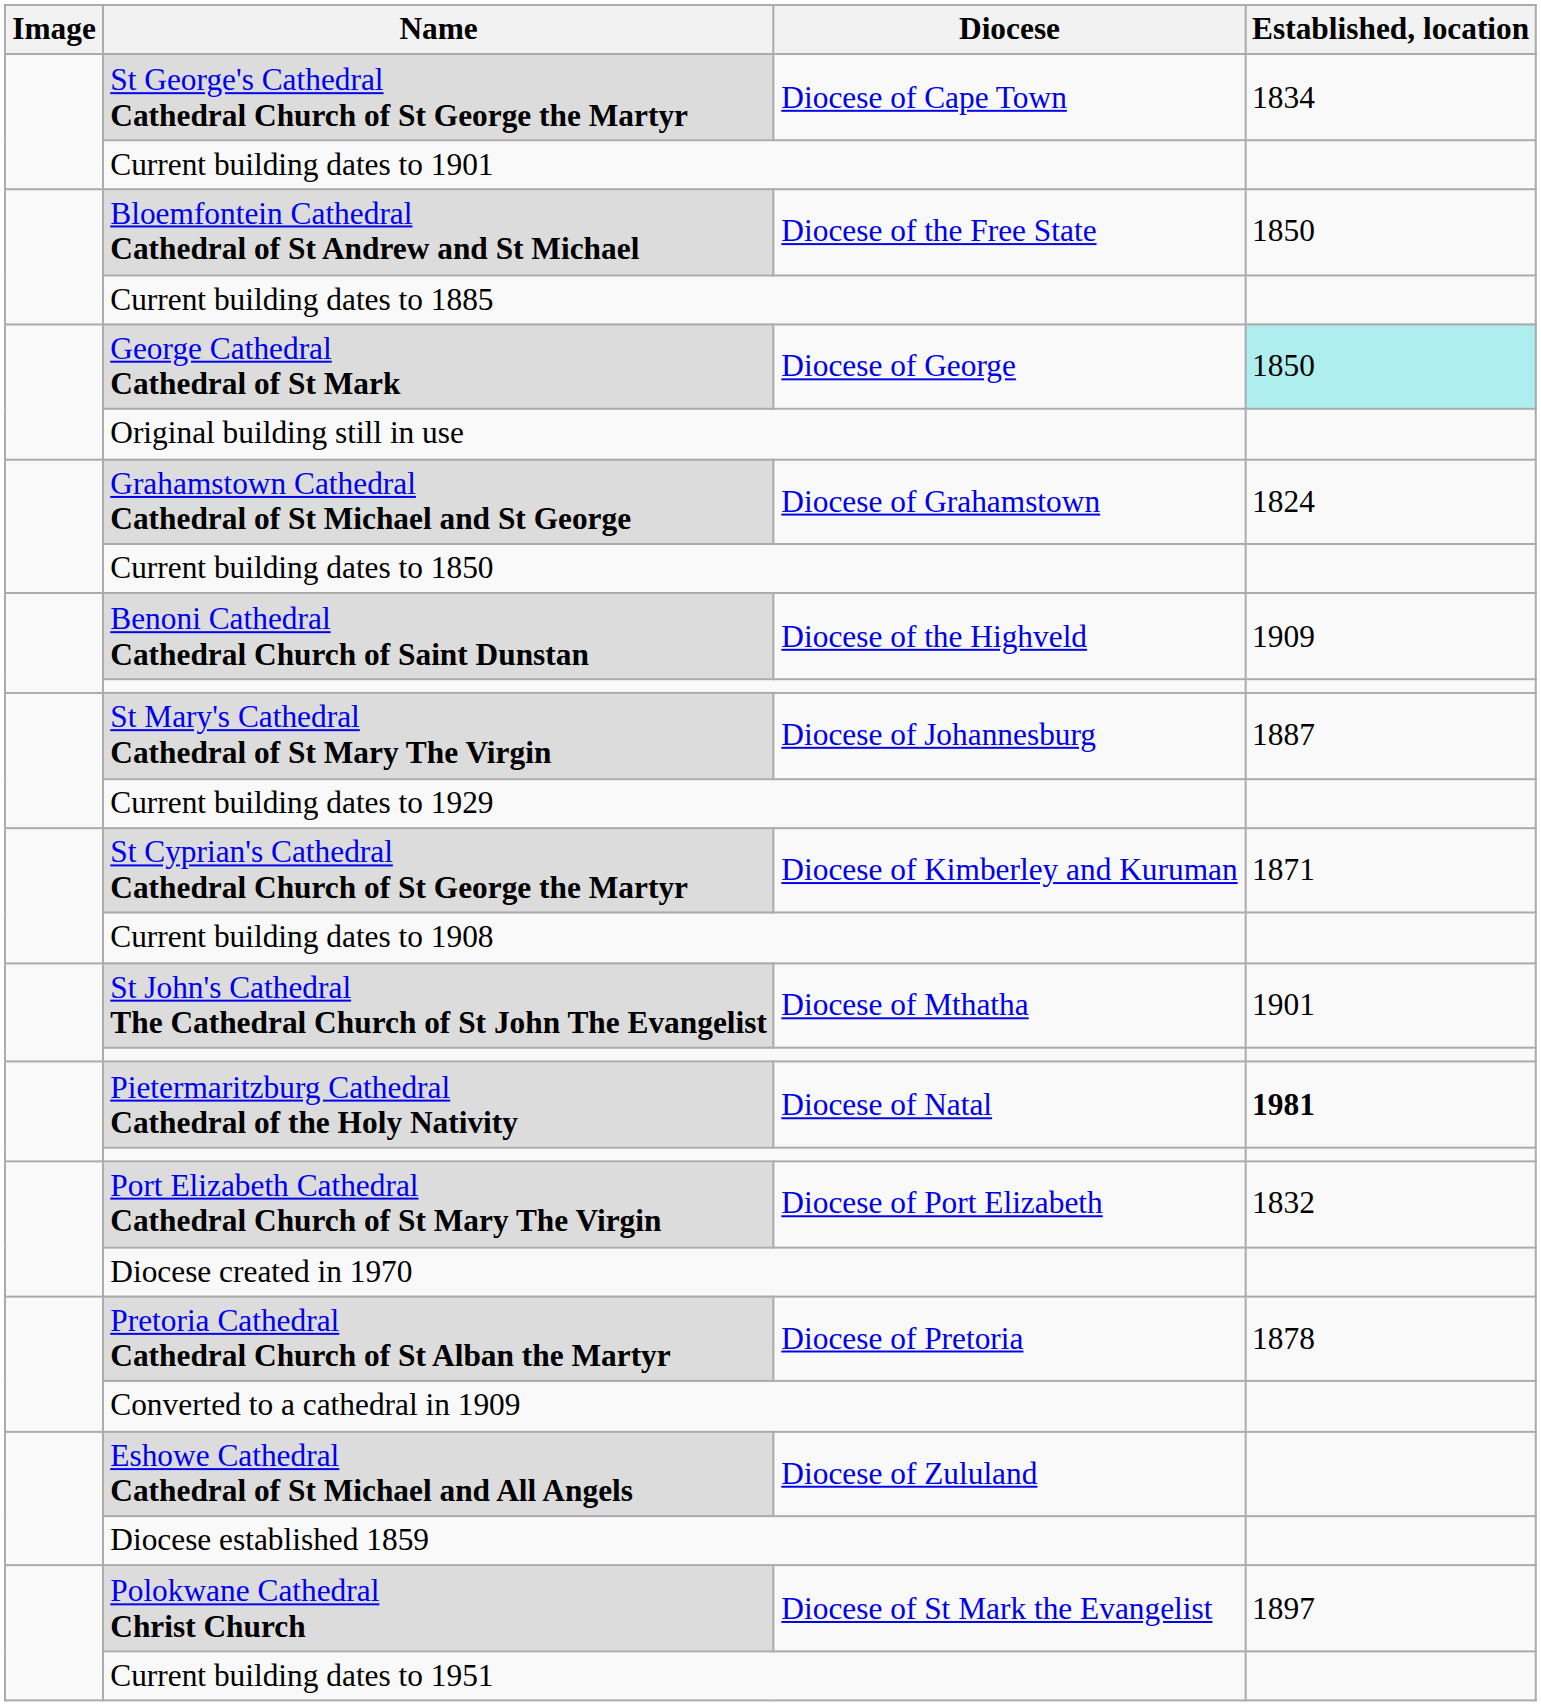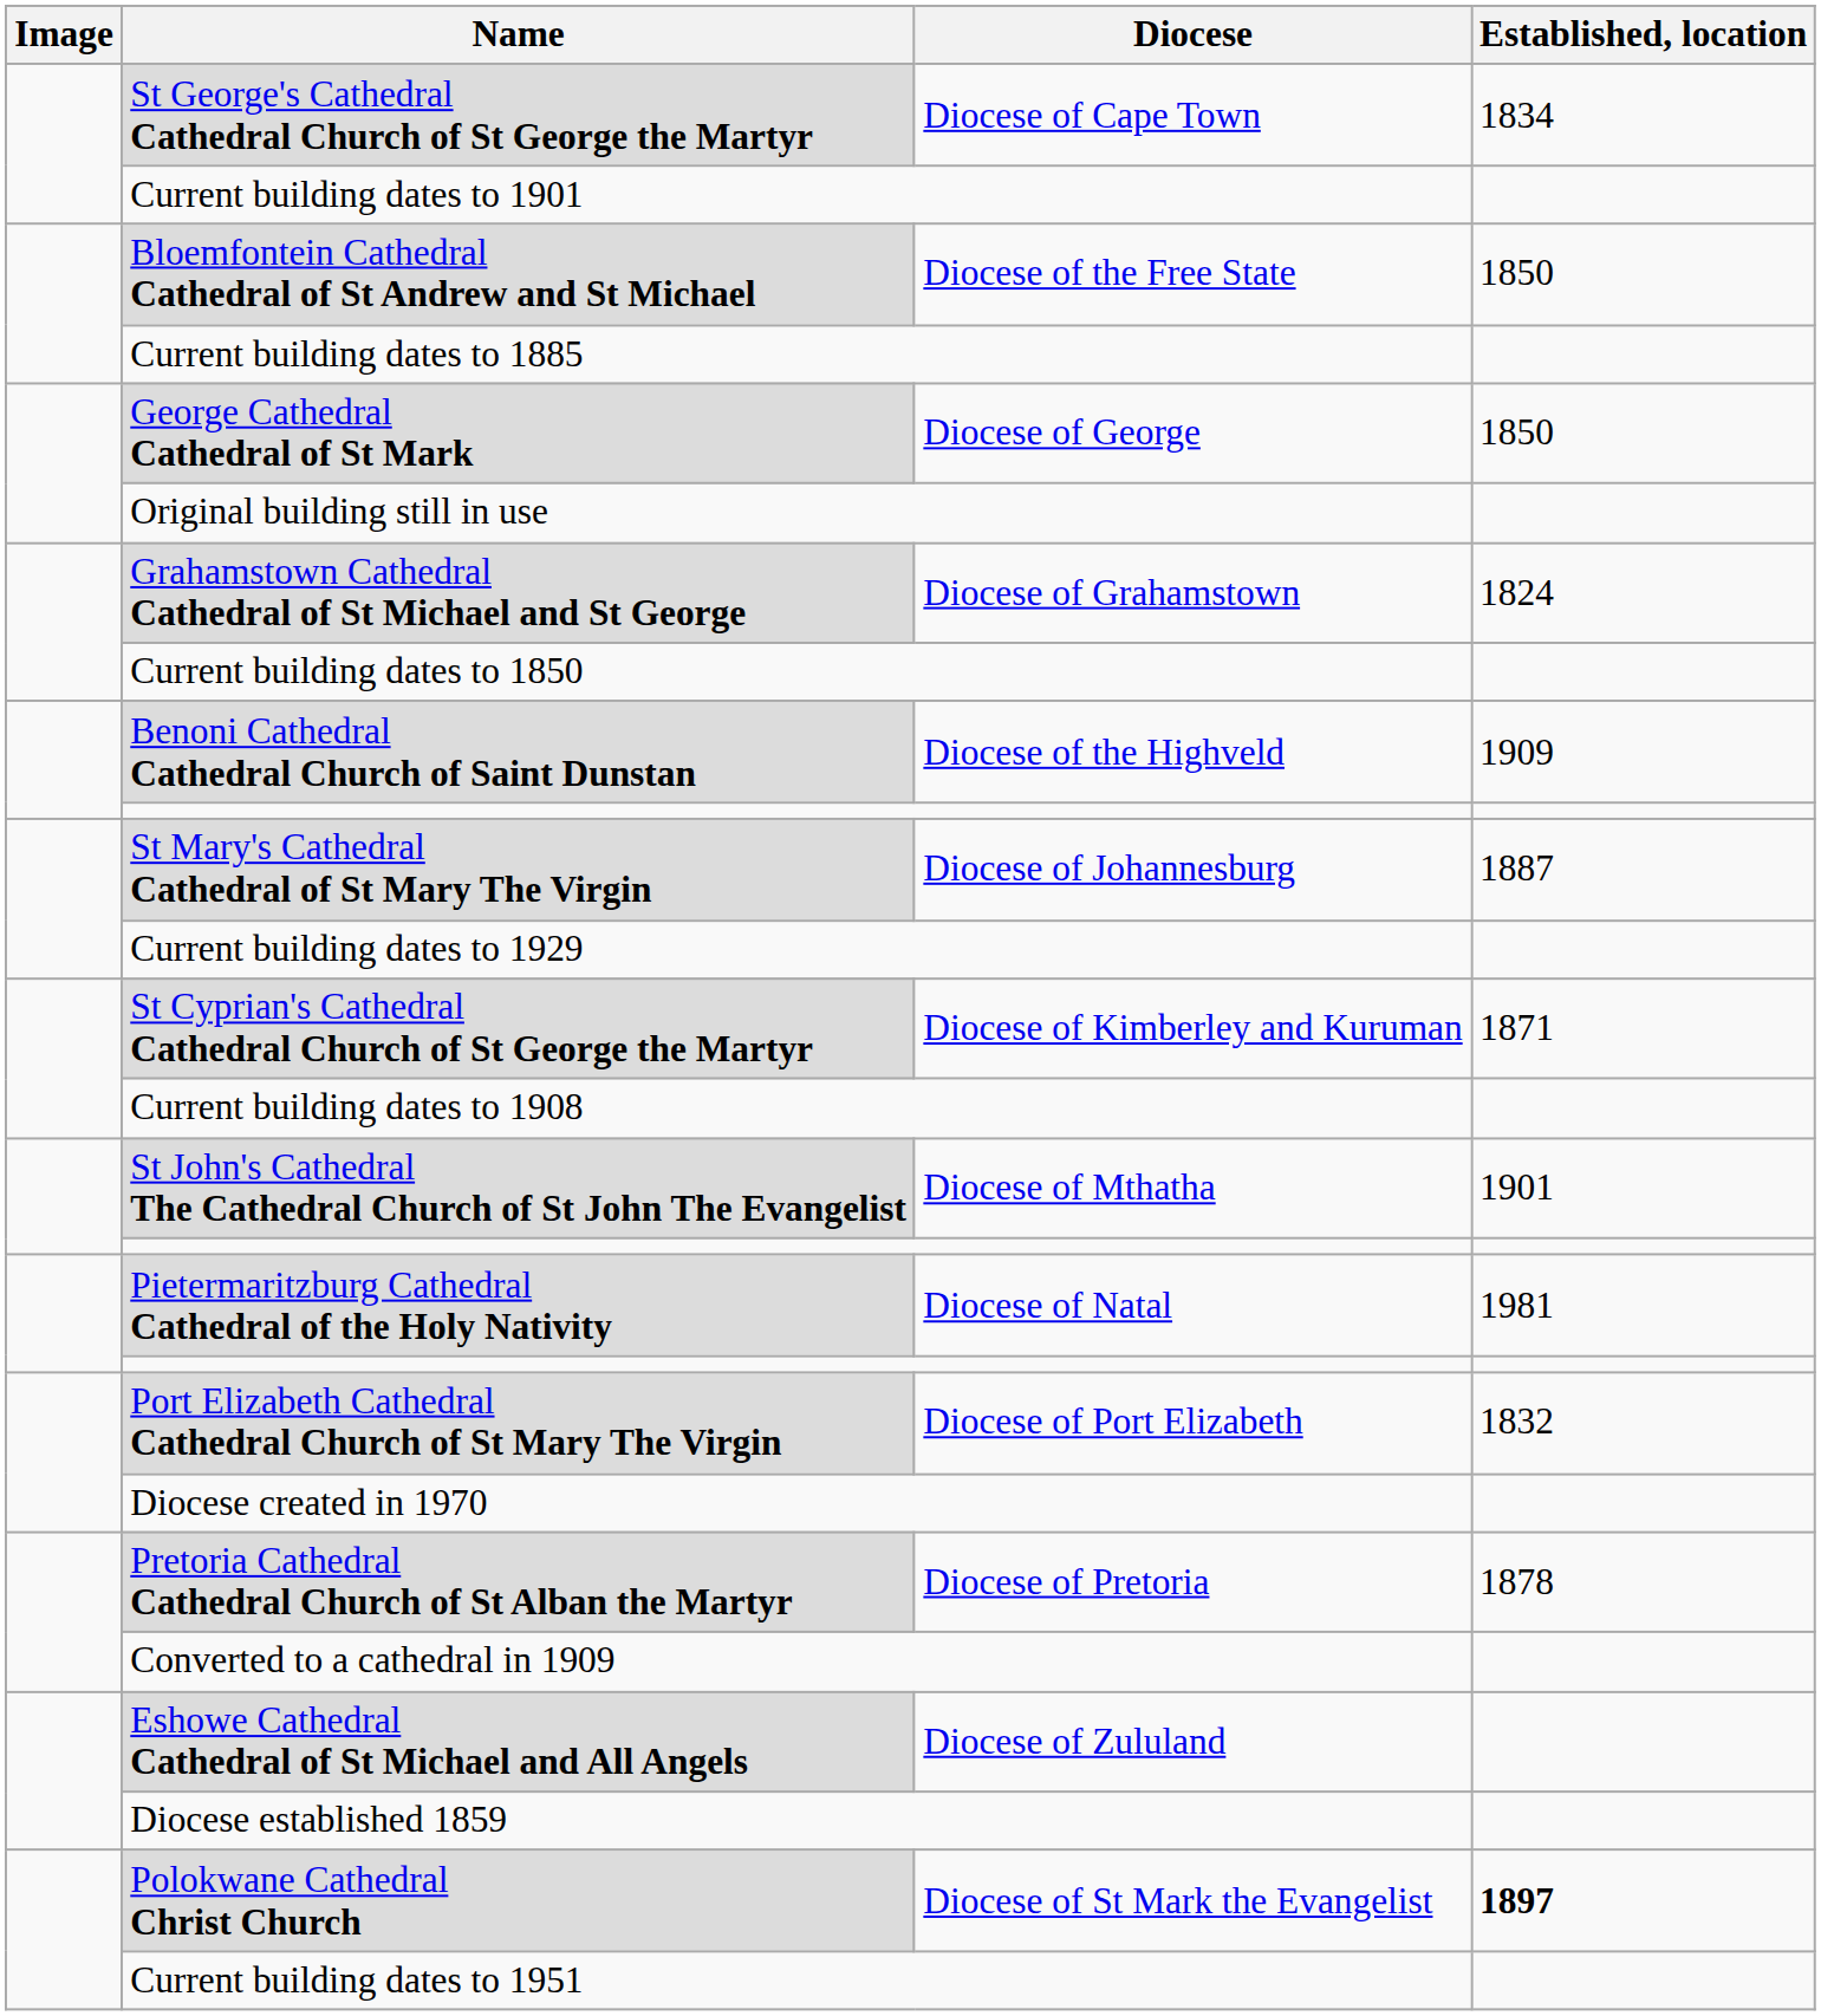 <table class="wikitable">
 <tr>
 <th>Image</th>
 <th>Name</th>
 <th>Diocese</th>
 <th>Established, location</th>
 </tr>
 <tr>
 <td rowspan="2"  align="center"></td>
 <td bgcolor="Gainsboro"><a href='#'>St George's Cathedral</a><br><strong>Cathedral Church of St George the Martyr</strong></td>
 <td> <a href='#'>Diocese of Cape Town</a></td>
 <td>1834</td>
 </tr>
 <tr>
 <td colspan="2">Current building dates to 1901</td>
 <td></td>
 </tr>
 <tr>
 <td rowspan="2" align="center"></td>
 <td bgcolor="Gainsboro"><a href='#'>Bloemfontein Cathedral</a><br><strong>Cathedral of St Andrew and St Michael</strong></td>
 <td><a href='#'>Diocese of the Free State</a></td>
 <td>1850</td>
 </tr>
 <tr>
 <td colspan="2">Current building dates to 1885</td>
 <td></td>
 </tr>
 <tr>
 <td rowspan="2"  align="center"></td>
 <td bgcolor="Gainsboro"><a href='#'>George Cathedral</a><br><strong>Cathedral of St Mark</strong></td>
 <td><a href='#'>Diocese of George</a></td>
-<td style="background: paleturquoise;">1850</td>
+<td>1850</td>
 </tr>
 <tr>
 <td colspan="2">Original building still in use</td>
 <td></td>
 </tr>
 <tr>
 <td rowspan="2" align="center"></td>
 <td bgcolor="Gainsboro"><a href='#'>Grahamstown Cathedral</a><br><strong>Cathedral of St Michael and St George</strong></td>
 <td> <a href='#'>Diocese of Grahamstown</a></td>
 <td>1824</td>
 </tr>
 <tr>
 <td colspan="2">Current building dates to 1850</td>
 <td></td>
 </tr>
 <tr>
 <td rowspan="2"  align="center"></td>
 <td bgcolor="Gainsboro"><a href='#'>Benoni Cathedral</a><br><strong>Cathedral Church of Saint Dunstan</strong></td>
 <td><a href='#'>Diocese of the Highveld</a></td>
 <td>1909</td>
 </tr>
 <tr>
 <td colspan="2"></td>
 <td></td>
 </tr>
 <tr>
 <td rowspan="2" align="center"></td>
 <td bgcolor="Gainsboro"><a href='#'>St Mary's Cathedral</a> <br><strong>Cathedral of St Mary The Virgin</strong></td>
 <td><a href='#'>Diocese of Johannesburg</a></td>
 <td>1887</td>
 </tr>
 <tr>
 <td colspan="2">Current building dates to 1929</td>
 <td></td>
 </tr>
 <tr>
 <td rowspan="2"  align="center"></td>
 <td bgcolor="Gainsboro"><a href='#'>St Cyprian's Cathedral</a><br><strong>Cathedral Church of St George the Martyr</strong></td>
 <td> <a href='#'>Diocese of Kimberley and Kuruman</a></td>
 <td>1871</td>
 </tr>
 <tr>
 <td colspan="2">Current building dates to 1908</td>
 <td></td>
 </tr>
 <tr>
 <td rowspan="2"  align="center"></td>
 <td bgcolor="Gainsboro"><a href='#'>St John's Cathedral</a><br><strong>The Cathedral Church of St John The Evangelist</strong></td>
 <td><a href='#'>Diocese of Mthatha</a></td>
 <td>1901</td>
 </tr>
 <tr>
 <td colspan="2"></td>
 <td></td>
 </tr>
 <tr>
 <td rowspan="2"  align="center"></td>
 <td bgcolor="Gainsboro"><a href='#'>Pietermaritzburg Cathedral</a><br><strong>Cathedral of the Holy Nativity</strong></td>
 <td> <a href='#'>Diocese of Natal</a></td>
-<td><strong>1981</strong></td>
+<td>1981</td>
 </tr>
 <tr>
 <td colspan="2"></td>
 <td></td>
 </tr>
 <tr>
 <td rowspan="2"  align="center"></td>
 <td bgcolor="Gainsboro"><a href='#'>Port Elizabeth Cathedral</a> <br><strong>Cathedral Church of St Mary The Virgin</strong></td>
 <td><a href='#'>Diocese of Port Elizabeth</a></td>
 <td>1832</td>
 </tr>
 <tr>
 <td colspan="2">Diocese created in 1970</td>
 <td></td>
 </tr>
 <tr>
 <td rowspan="2"  align="center"></td>
 <td bgcolor="Gainsboro"><a href='#'>Pretoria Cathedral</a><br><strong>Cathedral Church of St Alban the Martyr</strong></td>
 <td><a href='#'>Diocese of Pretoria</a></td>
 <td>1878</td>
 </tr>
 <tr>
 <td colspan="2">Converted to a cathedral in 1909</td>
 <td></td>
 </tr>
 <tr>
 <td rowspan="2" align="center"></td>
 <td bgcolor="Gainsboro"><a href='#'>Eshowe Cathedral</a><br><strong>Cathedral of St Michael and All Angels</strong></td>
 <td><a href='#'>Diocese of Zululand</a></td>
 <td></td>
 </tr>
 <tr>
 <td colspan="2">Diocese established 1859</td>
 <td></td>
 </tr>
 <tr>
 <td rowspan="2" align="center"></td>
 <td bgcolor="Gainsboro"><a href='#'>Polokwane Cathedral</a><br><strong>Christ Church</strong></td>
 <td><a href='#'>Diocese of St Mark the Evangelist</a></td>
-<td>1897</td>
+<td><strong>1897</strong></td>
 </tr>
 <tr>
 <td colspan="2">Current building dates to 1951</td>
 <td></td>
 </tr>
 </table>
